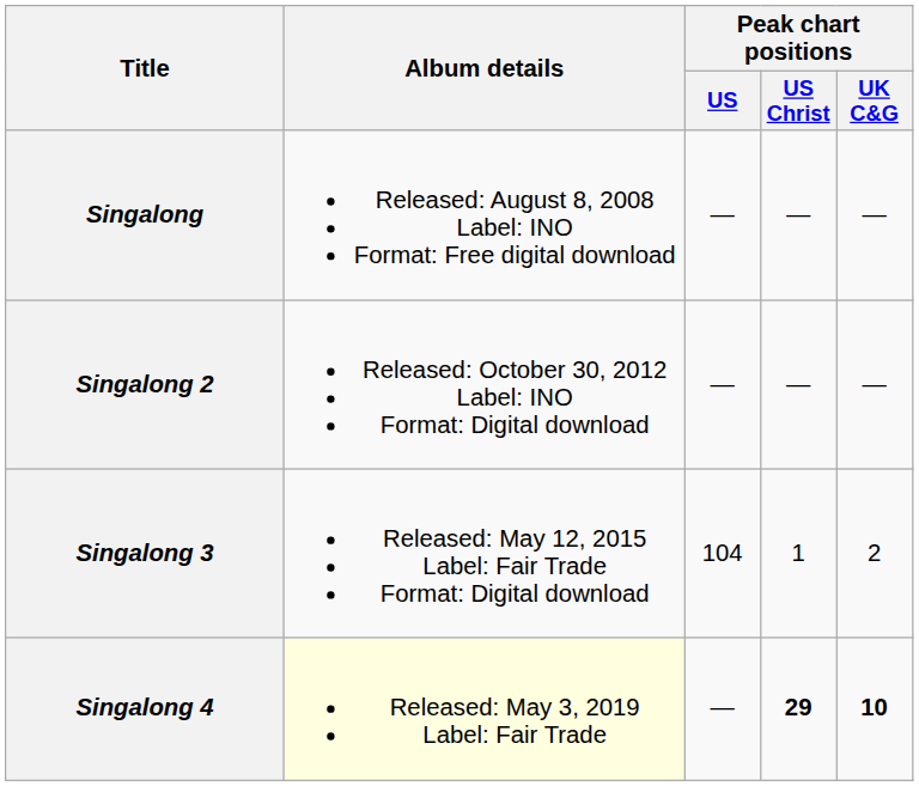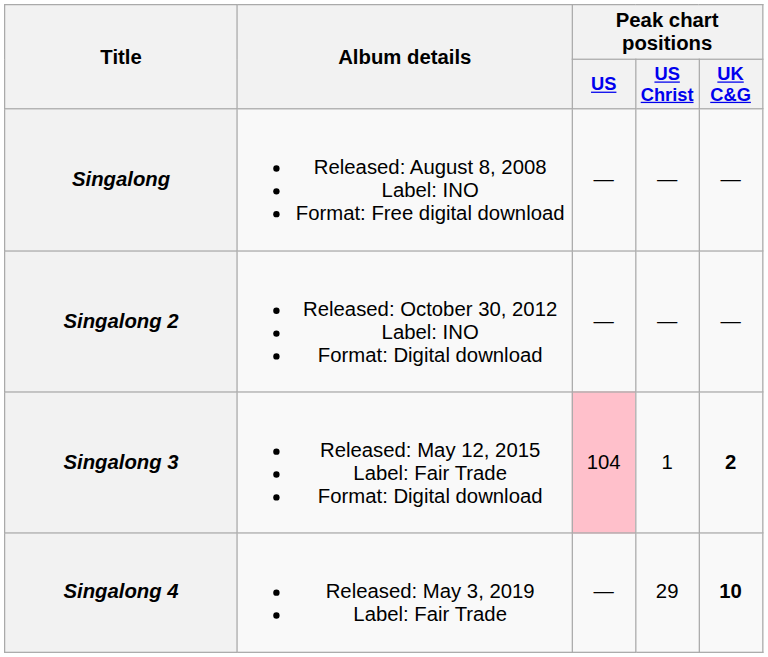 <table class="wikitable plainrowheaders" style="text-align:center;">
 <tr>
 <th scope="col" rowspan="2" style="width:11em;">Title</th>
 <th scope="col" rowspan="2" style="width:16em;">Album details</th>
 <th scope="col" colspan="3">Peak chart positions</th>
 </tr>
 <tr>
 <th style="width:3em; font-size:90%"><a href='#'>US</a><br></th>
 <th style="width:3em; font-size:90%"><a href='#'>US<br>Christ</a><br></th>
 <th style="width:3em; font-size:90%"><a href='#'>UK<br>C&G</a></th>
 </tr>
 <tr>
 <th scope="row"><em>Singalong</em></th>
 <td><br><ul><li>Released: August 8, 2008</li><li>Label: INO</li><li>Format: Free digital download</li></ul></td>
 <td>—</td>
 <td>—</td>
 <td>—</td>
 </tr>
 <tr>
 <th scope="row"><em>Singalong 2</em></th>
 <td><br><ul><li>Released: October 30, 2012</li><li>Label: INO</li><li>Format: Digital download</li></ul></td>
 <td>—</td>
 <td>—</td>
 <td>—</td>
 </tr>
 <tr>
 <th scope="row"><em>Singalong 3</em></th>
 <td><br><ul><li>Released: May 12, 2015</li><li>Label: Fair Trade</li><li>Format: Digital download</li></ul></td>
-<td>104</td>
+<td style="background: pink;">104</td>
 <td>1</td>
-<td>2</td>
+<td><strong>2</strong></td>
 </tr>
 <tr>
 <th scope="row"><em>Singalong 4</em></th>
-<td style="background: lightyellow;"><br><ul><li>Released: May 3, 2019</li><li>Label: Fair Trade</li></ul></td>
+<td><br><ul><li>Released: May 3, 2019</li><li>Label: Fair Trade</li></ul></td>
 <td>—</td>
-<td><strong>29</strong></td>
+<td>29</td>
 <td><strong>10</strong></td>
 </tr>
 </table>
